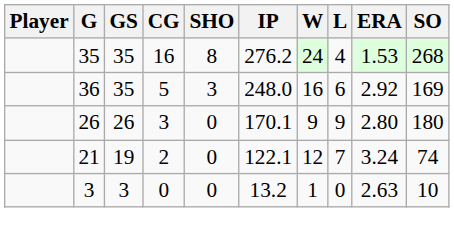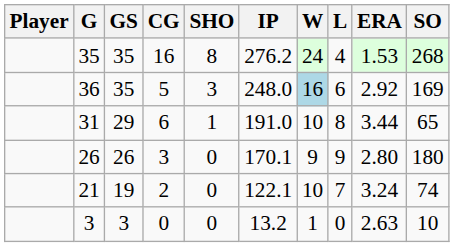 <table class="wikitable sortable">
 <tr>
 <th>Player</th>
 <th>G</th>
 <th>GS</th>
 <th>CG</th>
 <th>SHO</th>
 <th>IP</th>
 <th>W</th>
 <th>L</th>
 <th>ERA</th>
 <th>SO</th>
 </tr>
 <tr align="center">
 <td></td>
 <td>35</td>
 <td>35</td>
 <td>16</td>
 <td>8</td>
 <td>276.2</td>
 <td style="background:#DDFFDD;">24</td>
 <td>4</td>
 <td style="background:#DDFFDD;">1.53</td>
 <td style="background:#DDFFDD;">268</td>
 </tr>
 <tr align="center">
 <td></td>
 <td>36</td>
 <td>35</td>
 <td>5</td>
 <td>3</td>
 <td>248.0</td>
-<td>16</td>
+<td style="background: lightblue;">16</td>
 <td>6</td>
 <td>2.92</td>
 <td>169</td>
+</tr>
+<tr align="center">
+<td></td>
+<td>31</td>
+<td>29</td>
+<td>6</td>
+<td>1</td>
+<td>191.0</td>
+<td>10</td>
+<td>8</td>
+<td>3.44</td>
+<td>65</td>
 </tr>
 <tr align="center">
 <td></td>
 <td>26</td>
 <td>26</td>
 <td>3</td>
 <td>0</td>
 <td>170.1</td>
 <td>9</td>
 <td>9</td>
 <td>2.80</td>
 <td>180</td>
 </tr>
 <tr align="center">
 <td></td>
 <td>21</td>
 <td>19</td>
 <td>2</td>
 <td>0</td>
 <td>122.1</td>
-<td>12</td>
+<td>10</td>
 <td>7</td>
 <td>3.24</td>
 <td>74</td>
 </tr>
 <tr align="center">
 <td></td>
 <td>3</td>
 <td>3</td>
 <td>0</td>
 <td>0</td>
 <td>13.2</td>
 <td>1</td>
 <td>0</td>
 <td>2.63</td>
 <td>10</td>
 </tr>
 </table>
